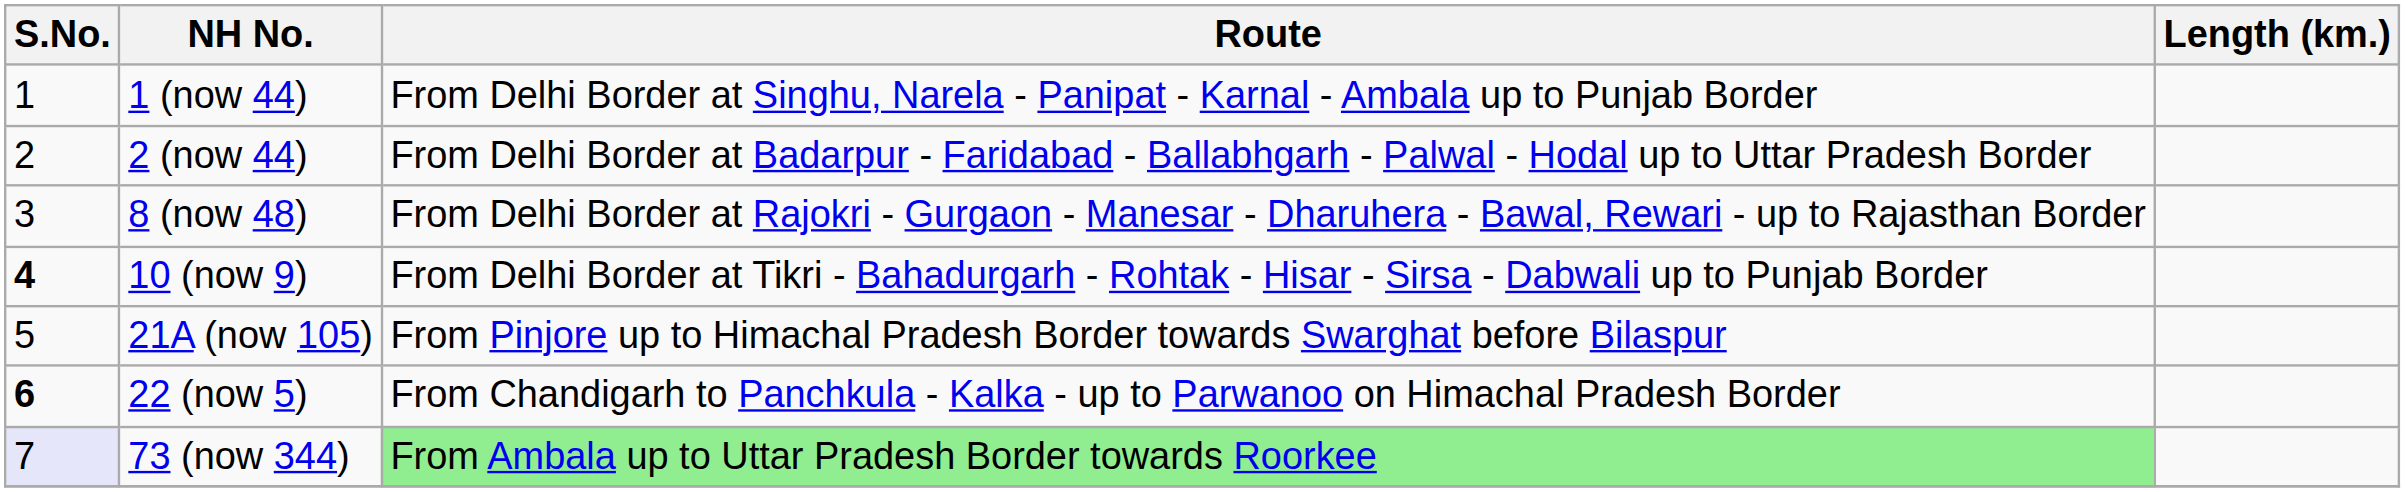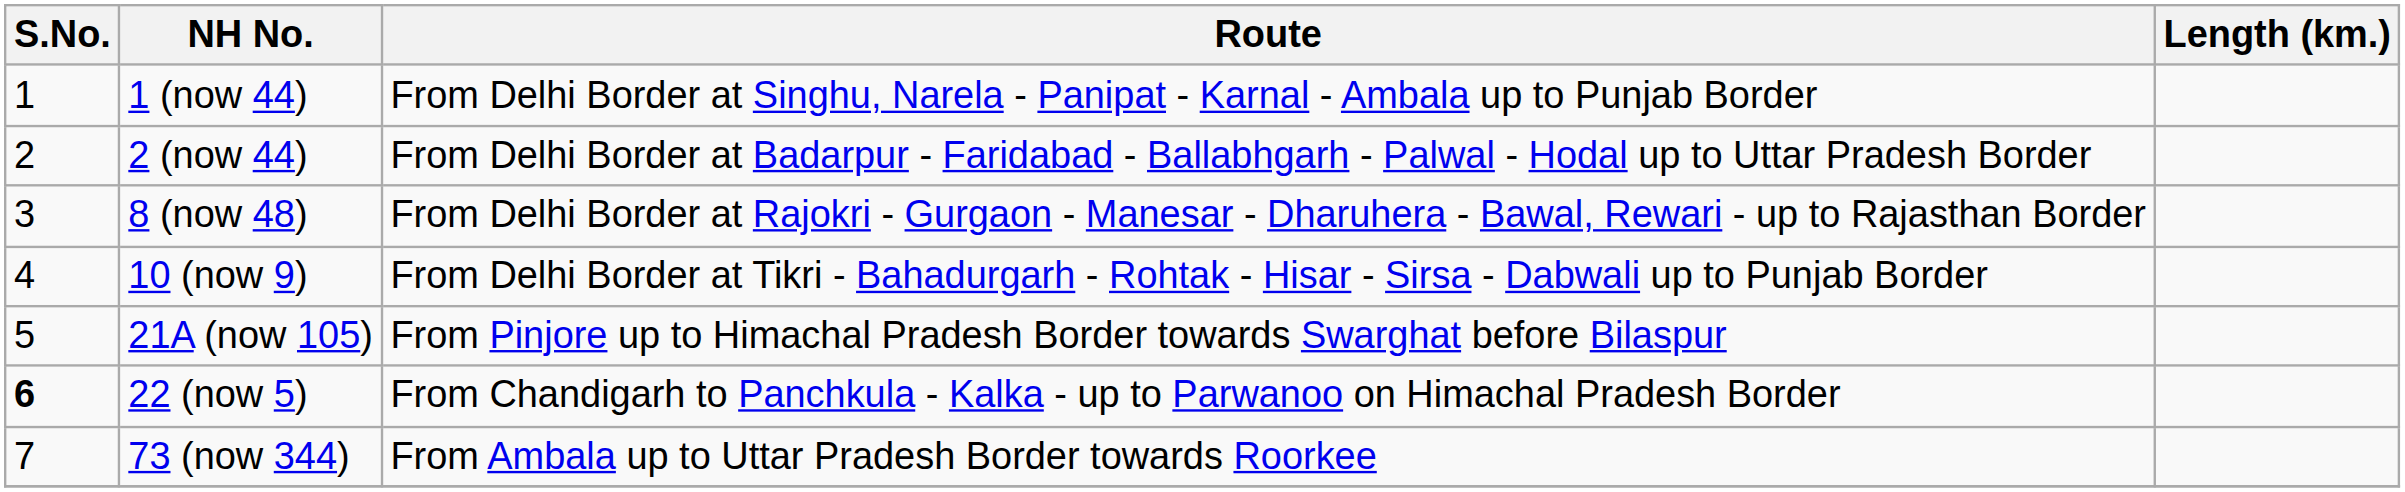 <table class="wikitable">
 <tr>
 <th>S.No.</th>
 <th>NH No.</th>
 <th>Route</th>
 <th>Length (km.)</th>
 </tr>
 <tr>
 <td>1</td>
 <td><a href='#'>1</a> (now <a href='#'>44</a>)</td>
 <td>From Delhi Border at <a href='#'>Singhu, Narela</a> - <a href='#'>Panipat</a> - <a href='#'>Karnal</a> - <a href='#'>Ambala</a> up to Punjab Border</td>
 <td></td>
 </tr>
 <tr>
 <td>2</td>
 <td><a href='#'>2</a> (now <a href='#'>44</a>)</td>
 <td>From Delhi Border at <a href='#'>Badarpur</a> - <a href='#'>Faridabad</a> - <a href='#'>Ballabhgarh</a> - <a href='#'>Palwal</a> - <a href='#'>Hodal</a> up to Uttar Pradesh Border</td>
 <td></td>
 </tr>
 <tr>
 <td>3</td>
 <td><a href='#'>8</a> (now <a href='#'>48</a>)</td>
 <td>From Delhi Border at <a href='#'>Rajokri</a> - <a href='#'>Gurgaon</a> - <a href='#'>Manesar</a> - <a href='#'>Dharuhera</a> - <a href='#'>Bawal, Rewari</a> - up to Rajasthan Border</td>
 <td></td>
 </tr>
 <tr>
-<td><strong>4</strong></td>
+<td>4</td>
 <td><a href='#'>10</a> (now <a href='#'>9</a>)</td>
 <td>From Delhi Border at Tikri - <a href='#'>Bahadurgarh</a> - <a href='#'>Rohtak</a> - <a href='#'>Hisar</a> - <a href='#'>Sirsa</a> - <a href='#'>Dabwali</a> up to Punjab Border</td>
 <td></td>
 </tr>
 <tr>
 <td>5</td>
 <td><a href='#'>21A</a> (now <a href='#'>105</a>)</td>
 <td>From <a href='#'>Pinjore</a> up to Himachal Pradesh Border towards <a href='#'>Swarghat</a> before <a href='#'>Bilaspur</a></td>
 <td></td>
 </tr>
 <tr>
 <td><strong>6</strong></td>
 <td><a href='#'>22</a> (now <a href='#'>5</a>)</td>
 <td>From Chandigarh to <a href='#'>Panchkula</a> - <a href='#'>Kalka</a> - up to <a href='#'>Parwanoo</a> on Himachal Pradesh Border</td>
 <td></td>
 </tr>
 <tr>
-<td style="background: lavender;">7</td>
+<td>7</td>
 <td><a href='#'>73</a> (now <a href='#'>344</a>)</td>
-<td style="background: lightgreen;">From <a href='#'>Ambala</a> up to Uttar Pradesh Border towards <a href='#'>Roorkee</a></td>
+<td>From <a href='#'>Ambala</a> up to Uttar Pradesh Border towards <a href='#'>Roorkee</a></td>
 <td></td>
 </tr>
 <tr>
 </tr>
 </table>
